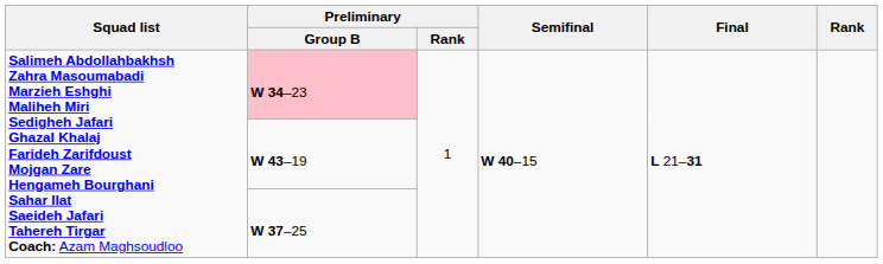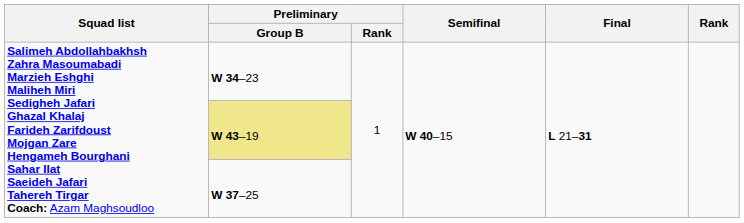 <table class="wikitable" width="71%" style="text-align:left; font-size:90%">
 <tr>
 <th rowspan="2" width="20%">Squad list</th>
 <th colspan="2">Preliminary</th>
 <th rowspan="2" width="14%">Semifinal</th>
 <th rowspan="2" width="14%">Final</th>
 <th rowspan="2" width="5%">Rank</th>
 </tr>
 <tr>
 <th width="14%">Group B</th>
 <th width="5%">Rank</th>
 </tr>
 <tr>
 <td rowspan=3><strong><a href='#'>Salimeh Abdollahbakhsh</a><br><a href='#'>Zahra Masoumabadi</a><br><a href='#'>Marzieh Eshghi</a><br><a href='#'>Maliheh Miri</a><br><a href='#'>Sedigheh Jafari</a><br><a href='#'>Ghazal Khalaj</a><br><a href='#'>Farideh Zarifdoust</a><br><a href='#'>Mojgan Zare</a><br><a href='#'>Hengameh Bourghani</a><br><a href='#'>Sahar Ilat</a><br><a href='#'>Saeideh Jafari</a><br><a href='#'>Tahereh Tirgar</a><br>Coach:</strong> <a href='#'>Azam Maghsoudloo</a></td>
-<td style="background: pink;"><br><strong>W</strong> <strong>34</strong>–23</td>
+<td><br><strong>W</strong> <strong>34</strong>–23</td>
 <td rowspan=3 align=center>1 <strong></strong></td>
 <td rowspan=3><br><strong>W</strong> <strong>40</strong>–15</td>
 <td rowspan=3><br><strong>L</strong> 21–<strong>31</strong></td>
 <td rowspan=3 align=center></td>
 </tr>
 <tr>
-<td><br><strong>W</strong> <strong>43</strong>–19</td>
+<td style="background: khaki;"><br><strong>W</strong> <strong>43</strong>–19</td>
 </tr>
 <tr>
 <td><br><strong>W</strong> <strong>37</strong>–25</td>
 </tr>
 </table>
